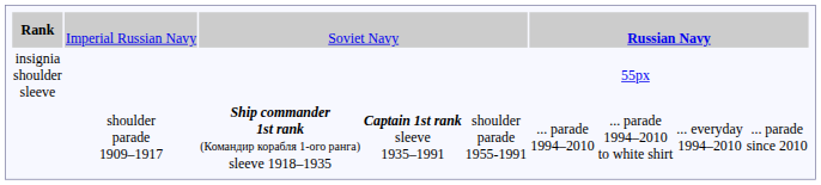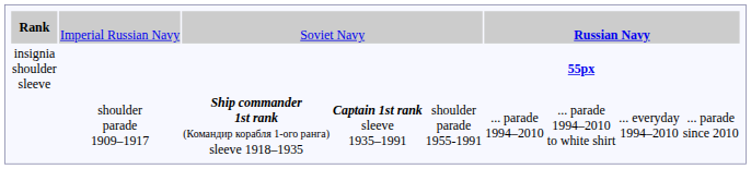 <table style="border:1px solid #8888aa; background-color:#f7f8ff; padding:5px; font-size:95%; margin: 12px 12px 12px 0px;">
 <tr bgcolor="#CCCCCC" align="center">
 <th>Rank</th>
 <td colspan=1><br><a href='#'>Imperial Russian Navy</a></td>
 <td colspan=3><br><a href='#'>Soviet Navy</a></td>
 <th colspan=4><br><a href='#'>Russian Navy</a></th>
 </tr>
 <tr align="center">
 <td rowspan="1">insignia<br>shoulder<br>sleeve</td>
 <td></td>
 <td></td>
 <td></td>
 <td></td>
 <td></td>
-<td><a href='#'>55px</a></td>
+<td><strong><a href='#'>55px</a></strong></td>
 <td></td>
 <td></td>
 </tr>
 <tr align="center">
 <td></td>
 <td>shoulder<br>parade<br>1909–1917</td>
 <td><strong><em>Ship commander<br>1st rank</em></strong><br><small>(Командир корабля 1-ого ранга)</small><br>sleeve 1918–1935</td>
 <td><strong><em>Captain 1st rank</em></strong><br>sleeve<br>1935–1991</td>
 <td>shoulder<br>parade<br>1955-1991</td>
 <td>... parade<br>1994–2010</td>
 <td>... parade<br>1994–2010<br>to white shirt</td>
 <td>... everyday<br>1994–2010</td>
 <td>... parade<br>since 2010</td>
 </tr>
 </table>
